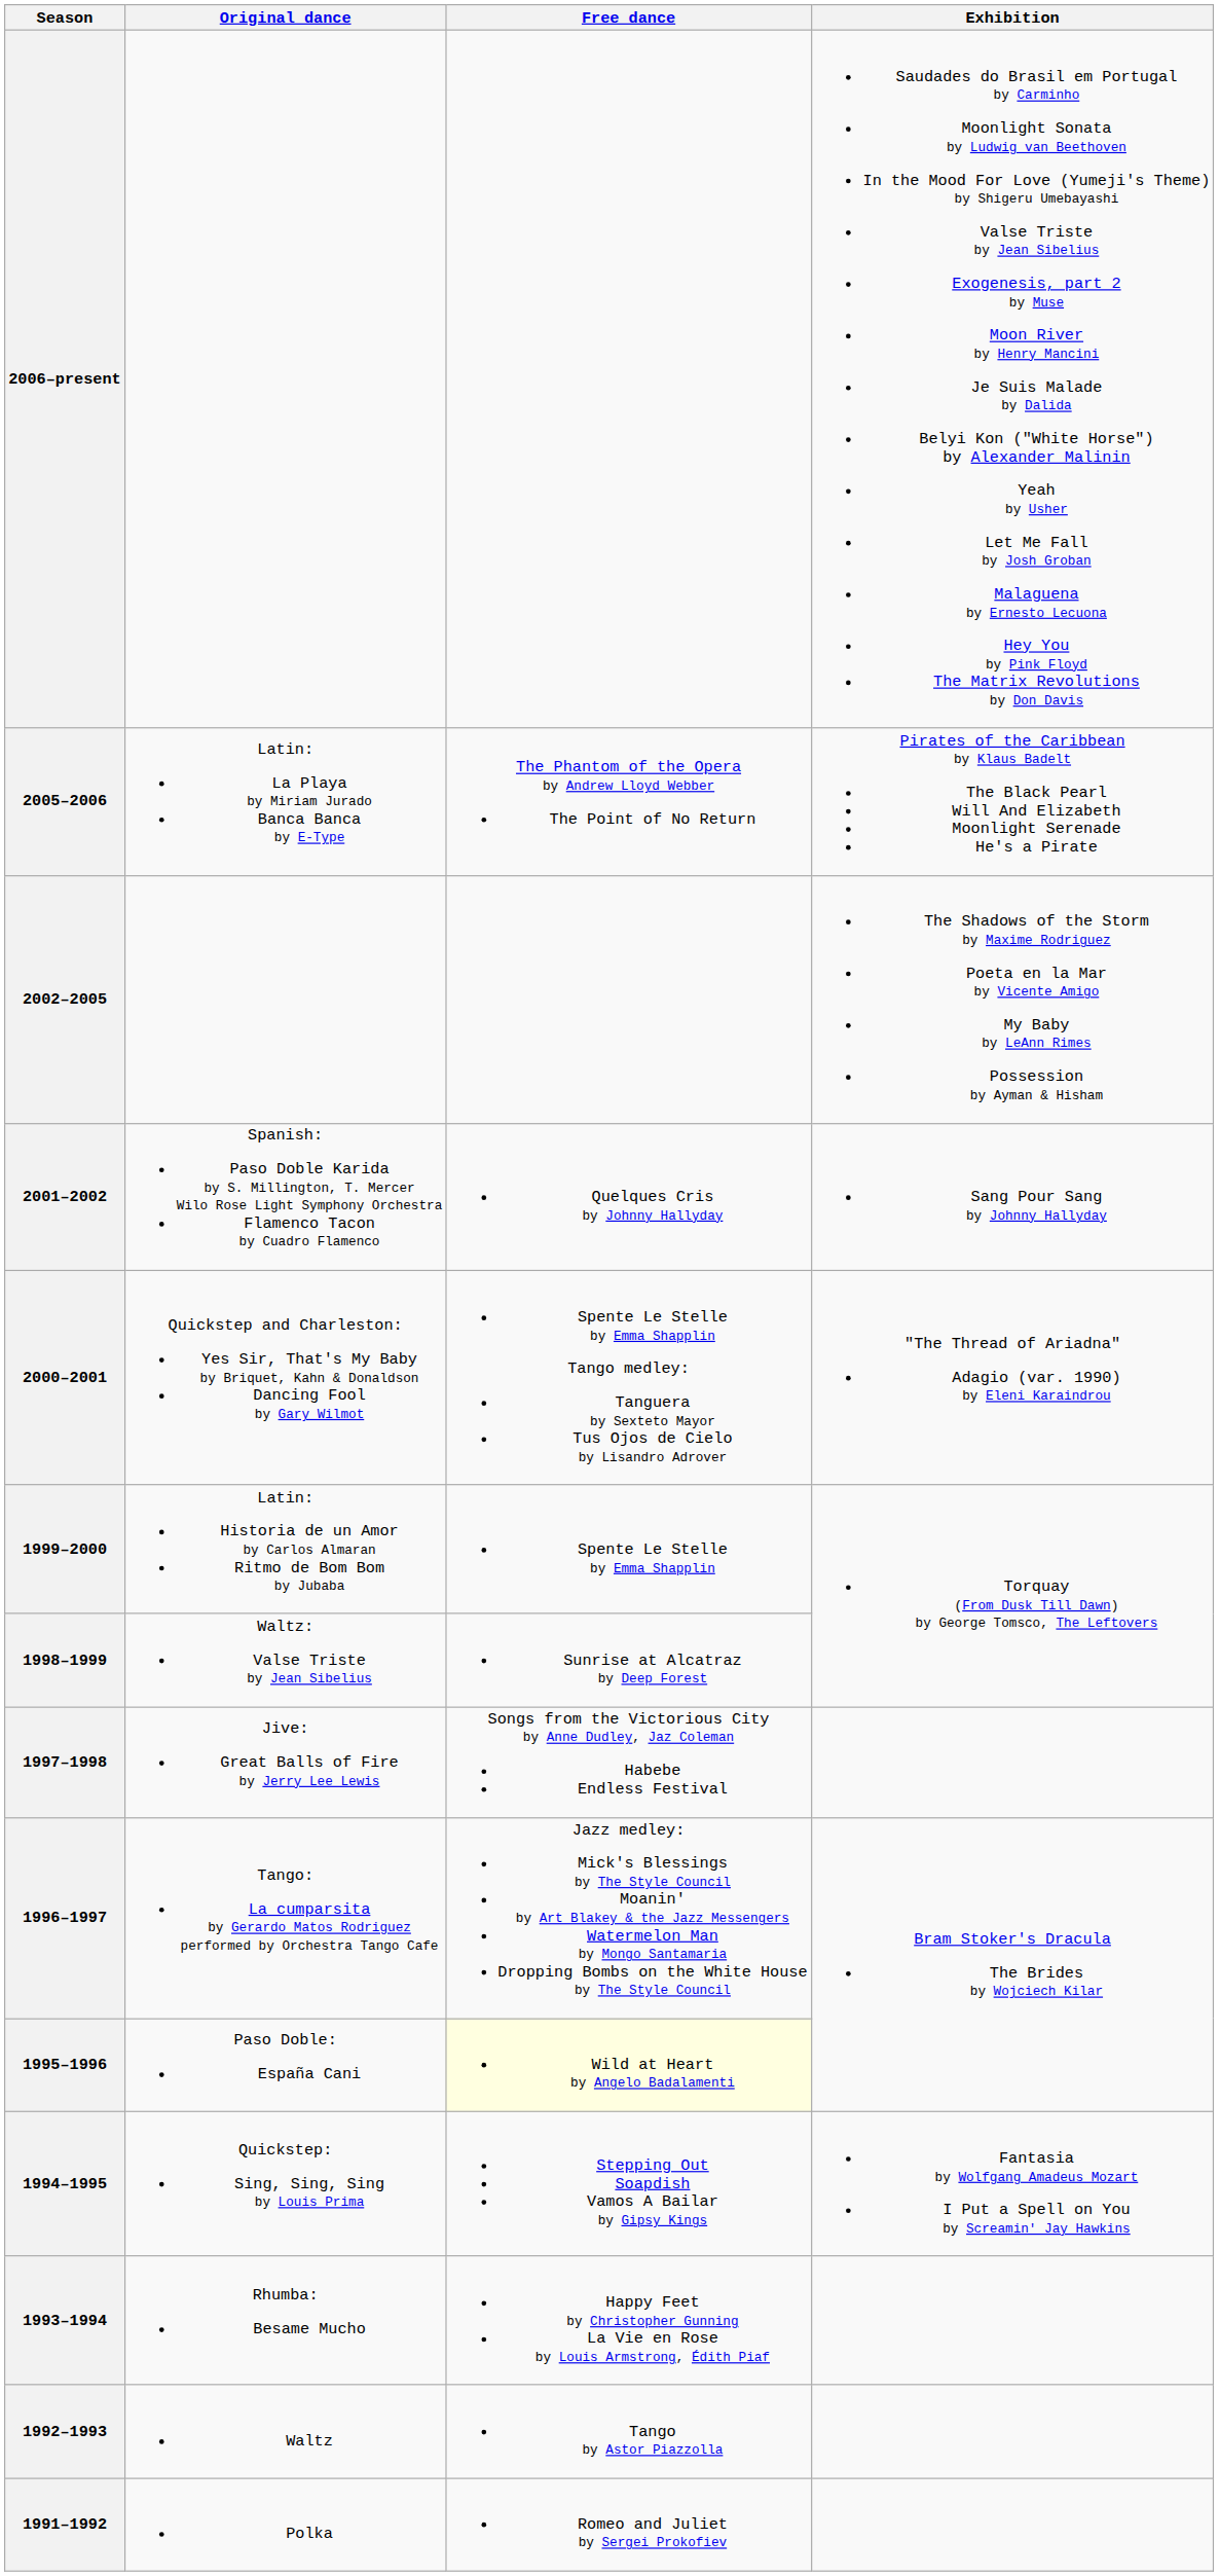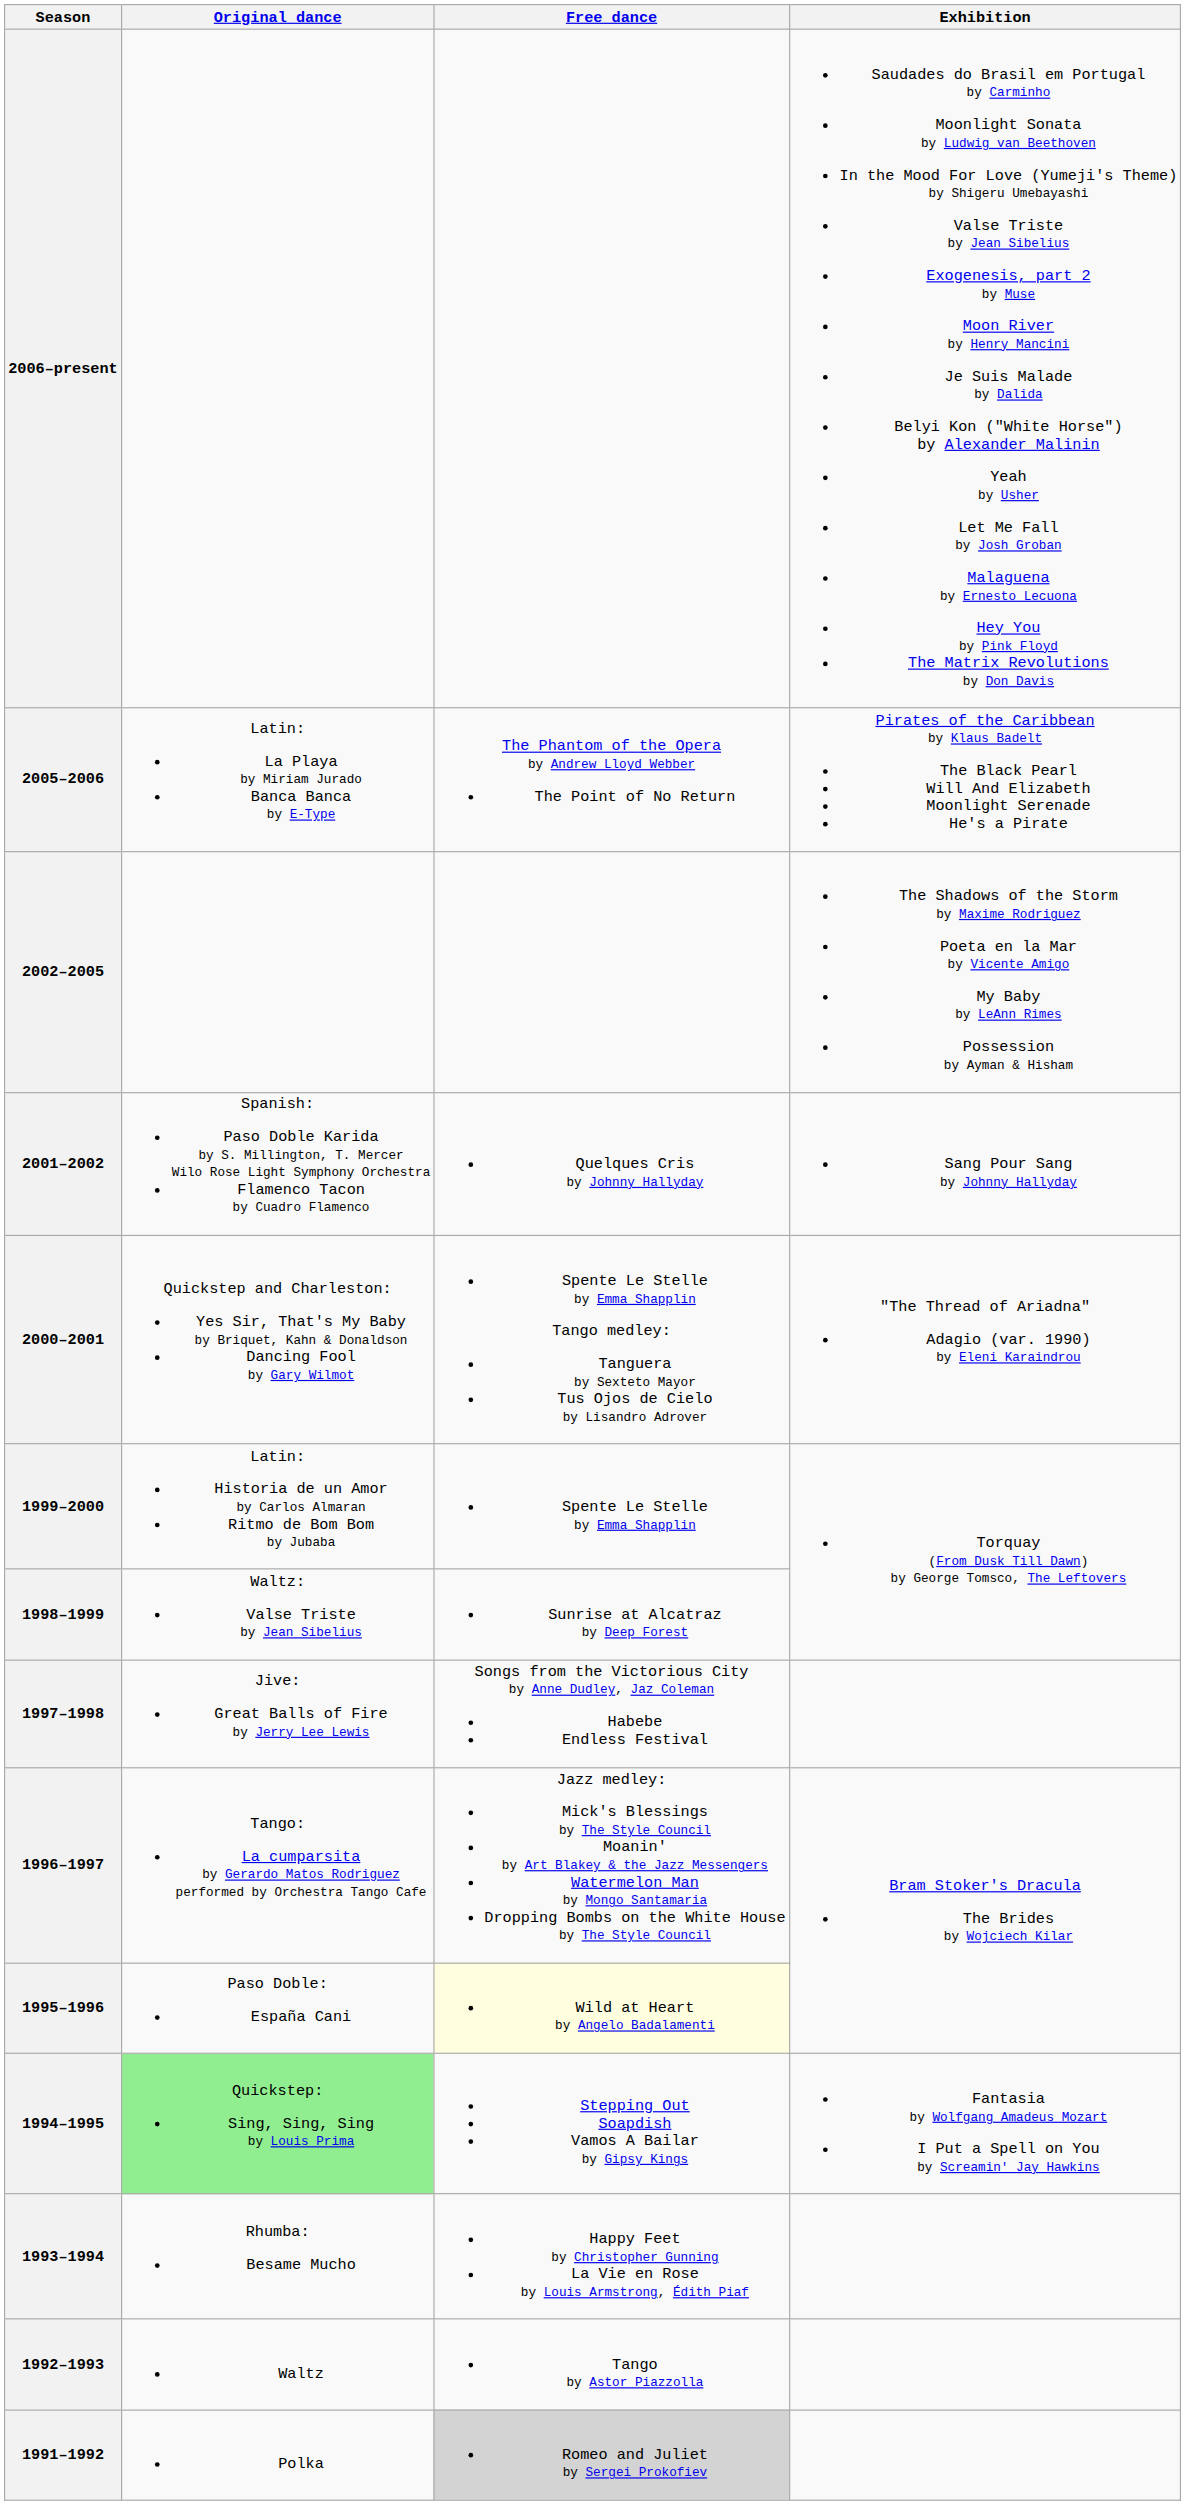 <table class="wikitable" style="text-align:center">
 <tr>
 <th>Season</th>
 <th><a href='#'>Original dance</a></th>
 <th><a href='#'>Free dance</a></th>
 <th>Exhibition</th>
 </tr>
 <tr>
 <th>2006–present <br> </th>
 <td></td>
 <td></td>
 <td><br><ul><li>Saudades do Brasil em Portugal <br><small> by <a href='#'>Carminho</a> </small></li></ul><ul><li>Moonlight Sonata <br><small> by <a href='#'>Ludwig van Beethoven</a> </small></li></ul><ul><li>In the Mood For Love (Yumeji's Theme) <br><small> by Shigeru Umebayashi </small></li></ul><ul><li>Valse Triste <br><small> by <a href='#'>Jean Sibelius</a> </small></li></ul><ul><li><a href='#'>Exogenesis, part 2</a> <br><small> by <a href='#'>Muse</a> </small></li></ul><ul><li><a href='#'>Moon River</a> <br><small> by <a href='#'>Henry Mancini</a> </small></li></ul><ul><li>Je Suis Malade <br><small> by <a href='#'>Dalida</a> </small></li></ul><ul><li>Belyi Kon ("White Horse") <br> by <a href='#'>Alexander Malinin</a></li></ul><ul><li>Yeah <br><small> by <a href='#'>Usher</a> </small></li></ul><ul><li>Let Me Fall <br><small> by <a href='#'>Josh Groban</a> </small></li></ul><ul><li><a href='#'>Malaguena</a> <br><small> by <a href='#'>Ernesto Lecuona</a> </small></li></ul><ul><li><a href='#'>Hey You</a> <br><small> by <a href='#'>Pink Floyd</a> </small></li><li><a href='#'>The Matrix Revolutions</a> <br><small> by <a href='#'>Don Davis</a> </small></li></ul></td>
 </tr>
 <tr>
 <th>2005–2006 <br> </th>
 <td>Latin:<br><ul><li>La Playa <br><small> by Miriam Jurado </small></li><li>Banca Banca <br><small> by <a href='#'>E-Type</a> </small></li></ul></td>
 <td><a href='#'>The Phantom of the Opera</a> <br><small> by <a href='#'>Andrew Lloyd Webber</a></small><br><ul><li>The Point of No Return</li></ul></td>
 <td><a href='#'>Pirates of the Caribbean</a><br><small> by <a href='#'>Klaus Badelt</a> </small><br><ul><li>The Black Pearl</li><li>Will And Elizabeth</li><li>Moonlight Serenade</li><li>He's a Pirate</li></ul></td>
 </tr>
 <tr>
 <th>2002–2005 <br> </th>
 <td></td>
 <td></td>
 <td><br><ul><li>The Shadows of the Storm <br><small> by <a href='#'>Maxime Rodriguez</a> </small></li></ul><ul><li>Poeta en la Mar <br><small> by <a href='#'>Vicente Amigo</a> </small></li></ul><ul><li>My Baby <br><small> by <a href='#'>LeAnn Rimes</a> </small></li></ul><ul><li>Possession <br><small> by Ayman & Hisham </small></li></ul></td>
 </tr>
 <tr>
 <th>2001–2002 <br> </th>
 <td>Spanish:<br><ul><li>Paso Doble Karida <br><small> by S. Millington, T. Mercer <br> Wilo Rose Light Symphony Orchestra </small></li><li>Flamenco Tacon <br><small> by Cuadro Flamenco </small></li></ul></td>
 <td><br><ul><li>Quelques Cris <br><small> by <a href='#'>Johnny Hallyday</a> </small></li></ul></td>
 <td><br><ul><li>Sang Pour Sang <br><small> by <a href='#'>Johnny Hallyday</a> </small></li></ul></td>
 </tr>
 <tr>
 <th>2000–2001 <br> </th>
 <td>Quickstep and Charleston:<br><ul><li>Yes Sir, That's My Baby <br><small>by Briquet, Kahn & Donaldson </small></li><li>Dancing Fool <br><small> by <a href='#'>Gary Wilmot</a> </small></li></ul></td>
 <td><br><ul><li>Spente Le Stelle <br><small> by <a href='#'>Emma Shapplin</a> </small></li></ul>Tango medley:<ul><li>Tanguera <br><small> by Sexteto Mayor </small></li><li>Tus Ojos de Cielo <br><small> by Lisandro Adrover </small></li></ul></td>
 <td>"The Thread of Ariadna"<br><ul><li>Adagio (var. 1990) <br><small> by <a href='#'>Eleni Karaindrou</a></small></li></ul></td>
 </tr>
 <tr>
 <th>1999–2000 <br> </th>
 <td>Latin:<br><ul><li>Historia de un Amor <br><small> by Carlos Almaran </small></li><li>Ritmo de Bom Bom <br><small> by Jubaba </small></li></ul></td>
 <td><br><ul><li>Spente Le Stelle <br><small> by <a href='#'>Emma Shapplin</a> </small></li></ul></td>
 <td rowspan=2><br><ul><li>Torquay <br><small> (<a href='#'>From Dusk Till Dawn</a>) <br> by George Tomsco, <a href='#'>The Leftovers</a> </small></li></ul></td>
 </tr>
 <tr>
 <th>1998–1999 <br> </th>
 <td>Waltz:<br><ul><li>Valse Triste <br><small> by <a href='#'>Jean Sibelius</a> </small></li></ul></td>
 <td><br><ul><li>Sunrise at Alcatraz <br><small> by <a href='#'>Deep Forest</a> </small></li></ul></td>
 </tr>
 <tr>
 <th>1997–1998 <br> </th>
 <td>Jive:<br><ul><li>Great Balls of Fire <br><small> by <a href='#'>Jerry Lee Lewis</a> </small></li></ul></td>
 <td>Songs from the Victorious City <br><small> by <a href='#'>Anne Dudley</a>, <a href='#'>Jaz Coleman</a> </small><br><ul><li>Habebe</li><li>Endless Festival</li></ul></td>
 <td></td>
 </tr>
 <tr>
 <th>1996–1997 <br> </th>
 <td>Tango:<br><ul><li><a href='#'>La cumparsita</a> <br><small> by <a href='#'>Gerardo Matos Rodriguez</a> <br> performed by Orchestra Tango Cafe </small></li></ul></td>
 <td>Jazz medley:<br><ul><li>Mick's Blessings <br><small> by <a href='#'>The Style Council</a> </small></li><li>Moanin' <br><small> by <a href='#'>Art Blakey & the Jazz Messengers</a> </small></li><li><a href='#'>Watermelon Man</a> <br><small> by <a href='#'>Mongo Santamaria</a> </small></li><li>Dropping Bombs on the White House <br><small> by <a href='#'>The Style Council</a> </small></li></ul></td>
 <td rowspan=2><br><a href='#'>Bram Stoker's Dracula</a><ul><li>The Brides <br><small> by <a href='#'>Wojciech Kilar</a> </small></li></ul></td>
 </tr>
 <tr>
 <th>1995–1996 <br> </th>
 <td>Paso Doble:<br><ul><li>España Cani</li></ul></td>
 <td style="background: lightyellow;"><br><ul><li>Wild at Heart <br><small> by <a href='#'>Angelo Badalamenti</a> </small></li></ul></td>
 </tr>
 <tr>
 <th>1994–1995 <br> </th>
-<td>Quickstep:<br><ul><li>Sing, Sing, Sing <br><small> by <a href='#'>Louis Prima</a> </small></li></ul></td>
+<td style="background: lightgreen;">Quickstep:<br><ul><li>Sing, Sing, Sing <br><small> by <a href='#'>Louis Prima</a> </small></li></ul></td>
 <td><br><ul><li><a href='#'>Stepping Out</a></li><li><a href='#'>Soapdish</a></li><li>Vamos A Bailar <br><small> by <a href='#'>Gipsy Kings</a> </small></li></ul></td>
 <td><br><ul><li>Fantasia <br><small> by <a href='#'>Wolfgang Amadeus Mozart</a> </small></li></ul><ul><li>I Put a Spell on You <br><small> by <a href='#'>Screamin' Jay Hawkins</a> </small></li></ul></td>
 </tr>
 <tr>
 <th>1993–1994 <br> </th>
 <td>Rhumba:<br><ul><li>Besame Mucho</li></ul></td>
 <td><br><ul><li>Happy Feet <br><small> by <a href='#'>Christopher Gunning</a> </small></li><li>La Vie en Rose <br><small> by <a href='#'>Louis Armstrong</a>, <a href='#'>Édith Piaf</a> </small></li></ul></td>
 <td></td>
 </tr>
 <tr>
 <th>1992–1993 <br> </th>
 <td><br><ul><li>Waltz</li></ul></td>
 <td><br><ul><li>Tango <br><small> by <a href='#'>Astor Piazzolla</a> </small></li></ul></td>
 <td></td>
 </tr>
 <tr>
 <th>1991–1992 <br> </th>
 <td><br><ul><li>Polka</li></ul></td>
-<td><br><ul><li>Romeo and Juliet <br><small> by <a href='#'>Sergei Prokofiev</a> </small></li></ul></td>
+<td style="background: lightgrey;"><br><ul><li>Romeo and Juliet <br><small> by <a href='#'>Sergei Prokofiev</a> </small></li></ul></td>
 <td></td>
 </tr>
 </table>
